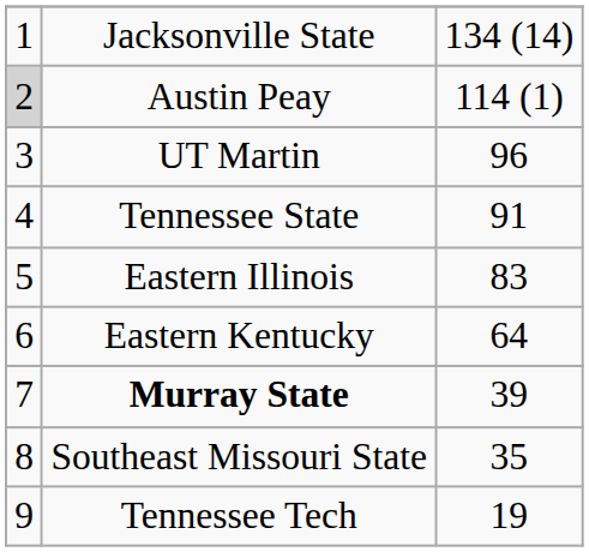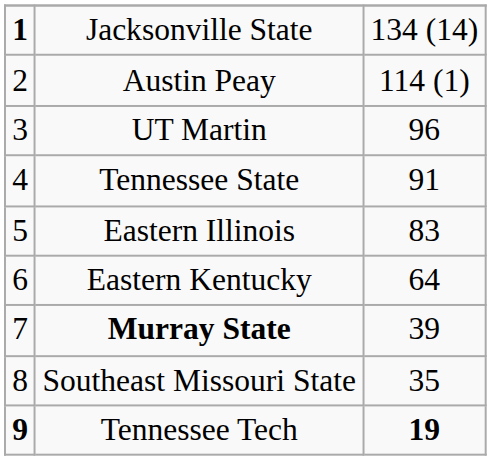 <table class="wikitable" style="display: inline-table;">
 <tr align="center">
 </tr>
 <tr align="center">
-<td>1</td>
+<td><strong>1</strong></td>
 <td>Jacksonville State</td>
 <td>134 (14)</td>
 </tr>
 <tr align="center">
-<td style="background: lightgrey;">2</td>
+<td>2</td>
 <td>Austin Peay</td>
 <td>114 (1)</td>
 </tr>
 <tr align="center">
 <td>3</td>
 <td>UT Martin</td>
 <td>96</td>
 </tr>
 <tr align="center">
 <td>4</td>
 <td>Tennessee State</td>
 <td>91</td>
 </tr>
 <tr align="center">
 <td>5</td>
 <td>Eastern Illinois</td>
 <td>83</td>
 </tr>
 <tr align="center">
 <td>6</td>
 <td>Eastern Kentucky</td>
 <td>64</td>
 </tr>
 <tr align="center">
 <td>7</td>
 <td><strong>Murray State</strong></td>
 <td>39</td>
 </tr>
 <tr align="center">
 <td>8</td>
 <td>Southeast Missouri State</td>
 <td>35</td>
 </tr>
 <tr align="center">
-<td>9</td>
+<td><strong>9</strong></td>
 <td>Tennessee Tech</td>
-<td>19</td>
+<td><strong>19</strong></td>
 </tr>
 </table>
